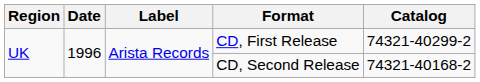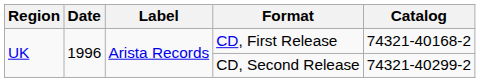 <table class="wikitable">
 <tr>
 <th>Region</th>
 <th>Date</th>
 <th>Label</th>
 <th>Format</th>
 <th>Catalog</th>
 </tr>
 <tr>
 <td rowspan=2><a href='#'>UK</a></td>
 <td rowspan=2>1996</td>
 <td rowspan=2><a href='#'>Arista Records</a></td>
 <td><a href='#'>CD</a>, First Release</td>
-<td>74321-40299-2</td>
+<td>74321-40168-2</td>
 </tr>
 <tr>
 <td>CD, Second Release</td>
-<td>74321-40168-2</td>
+<td>74321-40299-2</td>
 </tr>
 </table>
